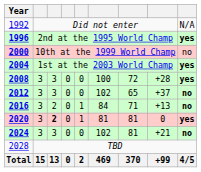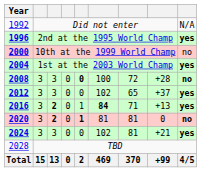 <table class="wikitable" style="text-align: center;">
 <tr>
 <th>Year</th>
 <th width="15"></th>
 <th width="15"></th>
 <th width="15"></th>
 <th width="15"></th>
 <th></th>
 <th></th>
 <th></th>
 <th></th>
 </tr>
 <tr>
 <td> <a href='#'>1992</a></td>
 <td colspan="7"><em>Did not enter</em></td>
 <td>N/A</td>
 </tr>
 <tr style="background:#ccffcc;">
 <td><strong> <a href='#'>1996</a></strong></td>
 <td colspan="7">2nd at the <a href='#'>1995 World Champ</a></td>
 <td><strong>yes</strong></td>
 </tr>
 <tr style="background:#ffcccc;">
 <td><strong> <a href='#'>2000</a></strong></td>
 <td colspan="7">10th at the <a href='#'>1999 World Champ</a></td>
 <td>no</td>
 </tr>
 <tr style="background:#ccffcc;">
 <td><strong> <a href='#'>2004</a></strong></td>
 <td colspan="7">1st at the <a href='#'>2003 World Champ</a></td>
 <td><strong>yes</strong></td>
 </tr>
 <tr style="background:#ccffcc;">
 <td><strong> <a href='#'>2008</a></strong></td>
 <td>3</td>
 <td>3</td>
 <td>0</td>
-<td>0</td>
+<td><strong>0</strong></td>
 <td>100</td>
 <td>72</td>
 <td>+28</td>
-<td><strong>yes</strong></td>
+<td><strong>no</strong></td>
 </tr>
 <tr style="background:#ccffcc;">
 <td><strong> <a href='#'>2012</a></strong></td>
 <td>3</td>
 <td>3</td>
 <td>0</td>
 <td>0</td>
 <td>102</td>
 <td>65</td>
 <td>+37</td>
-<td><strong>no</strong></td>
+<td><strong>yes</strong></td>
 </tr>
 <tr style="background:#ccffcc;">
 <td><strong> <a href='#'>2016</a></strong></td>
 <td>3</td>
-<td>2</td>
+<td><strong>2</strong></td>
 <td>0</td>
 <td>1</td>
-<td>84</td>
+<td><strong>84</strong></td>
 <td>71</td>
 <td>+13</td>
-<td><strong>no</strong></td>
+<td><strong>yes</strong></td>
 </tr>
 <tr style="background:#ffcccc;">
 <td><strong> <a href='#'>2020</a></strong></td>
 <td>3</td>
 <td><strong>2</strong></td>
 <td>0</td>
-<td>1</td>
+<td><strong>1</strong></td>
 <td>81</td>
 <td>81</td>
 <td>0</td>
-<td><strong>yes</strong></td>
+<td><strong>no</strong></td>
 </tr>
 <tr style="background:#ccffcc;">
 <td><strong> <a href='#'>2024</a></strong></td>
 <td>3</td>
 <td>3</td>
 <td>0</td>
 <td>0</td>
 <td>102</td>
 <td>81</td>
 <td>+21</td>
-<td><strong>no</strong></td>
+<td><strong>yes</strong></td>
 </tr>
 <tr>
 <td> <a href='#'>2028</a></td>
 <td colspan=8 rowspan=1><em>TBD</em></td>
 </tr>
 <tr>
 <th>Total</th>
 <th>15</th>
 <th>13</th>
 <th>0</th>
 <th>2</th>
 <th>469</th>
 <th>370</th>
 <th>+99</th>
 <th>4/5</th>
 </tr>
 </table>
